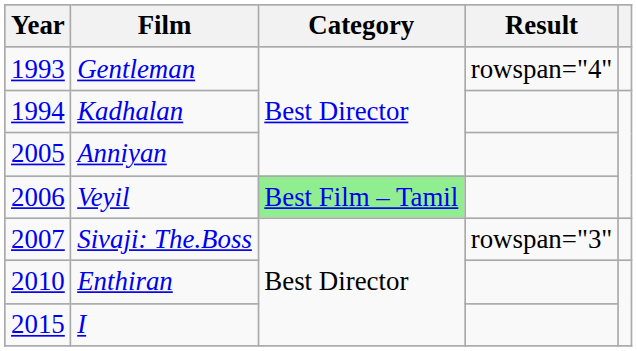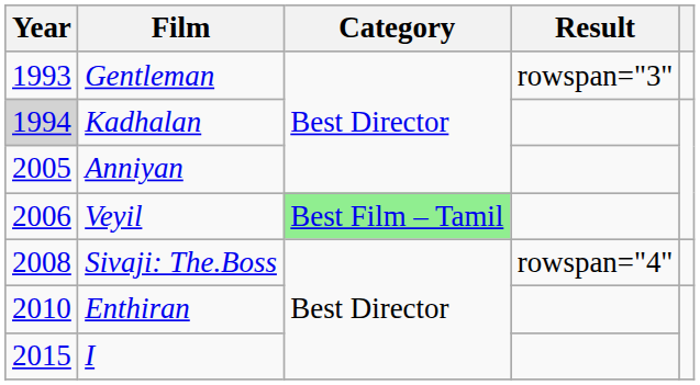 <table class="wikitable sortable">
 <tr>
 <th scope="col">Year</th>
 <th scope="col">Film</th>
 <th scope="col">Category</th>
 <th scope="col">Result</th>
 <th class="unsortable" scope="col"></th>
 </tr>
 <tr>
 <td><a href='#'>1993</a></td>
 <td><em><a href='#'>Gentleman</a></em></td>
 <td rowspan="3"><a href='#'>Best Director</a></td>
-<td>rowspan="4" </td>
+<td>rowspan="3" </td>
 <td></td>
 </tr>
 <tr>
-<td><a href='#'>1994</a></td>
+<td style="background: lightgrey;"><a href='#'>1994</a></td>
 <td><em><a href='#'>Kadhalan</a></em></td>
 <td></td>
 </tr>
 <tr>
 <td><a href='#'>2005</a></td>
 <td><em><a href='#'>Anniyan</a></em></td>
 <td></td>
 </tr>
 <tr>
 <td><a href='#'>2006</a></td>
 <td><em><a href='#'>Veyil</a></em></td>
 <td style="background: lightgreen;"><a href='#'>Best Film – Tamil</a></td>
 <td></td>
 </tr>
 <tr>
-<td><a href='#'>2007</a></td>
+<td><a href='#'>2008</a></td>
 <td><em><a href='#'>Sivaji: The.Boss</a></em></td>
 <td rowspan="3">Best Director</td>
-<td>rowspan="3" </td>
+<td>rowspan="4" </td>
 <td></td>
 </tr>
 <tr>
 <td><a href='#'>2010</a></td>
 <td><em><a href='#'>Enthiran</a></em></td>
 <td></td>
 </tr>
 <tr>
 <td><a href='#'>2015</a></td>
 <td><em><a href='#'>I</a></em></td>
 <td></td>
 </tr>
 </table>
